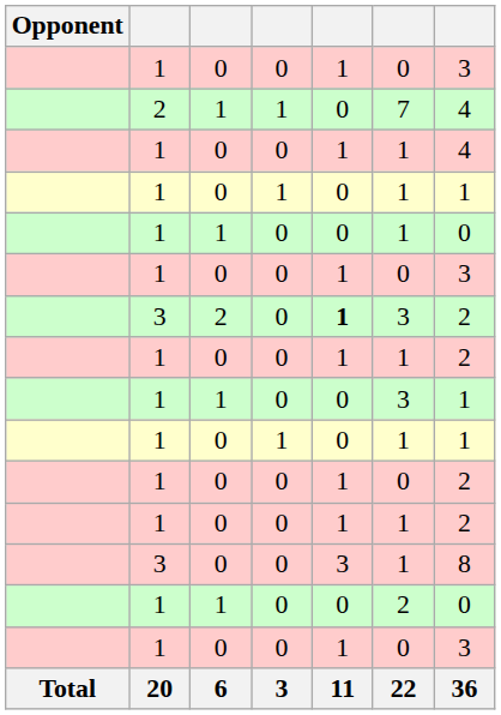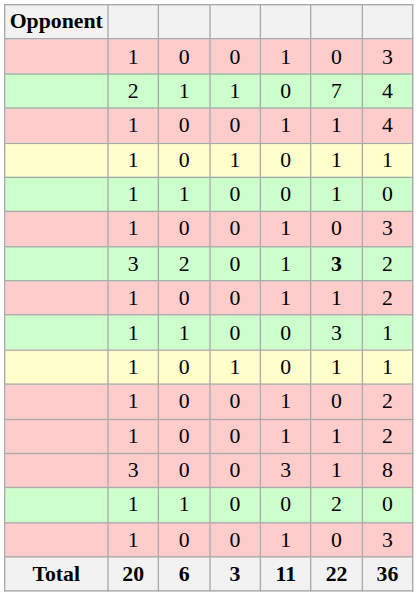 <table class="wikitable sortable" style="text-align: center;">
 <tr>
 <th width="30">Opponent</th>
 <th width="30"></th>
 <th width="30"></th>
 <th width="30"></th>
 <th width="30"></th>
 <th width="30"></th>
 <th width="30"></th>
 </tr>
 <tr bgcolor=#FFCCCC>
 <td align="left"></td>
 <td>1</td>
 <td>0</td>
 <td>0</td>
 <td>1</td>
 <td>0</td>
 <td>3</td>
 </tr>
 <tr bgcolor=#CCFFCC>
 <td align="left"></td>
 <td>2</td>
 <td>1</td>
 <td>1</td>
 <td>0</td>
 <td>7</td>
 <td>4</td>
 </tr>
 <tr bgcolor=#FFCCCC>
 <td align="left"></td>
 <td>1</td>
 <td>0</td>
 <td>0</td>
 <td>1</td>
 <td>1</td>
 <td>4</td>
 </tr>
 <tr bgcolor=#FFFFCC>
 <td align="left"></td>
 <td>1</td>
 <td>0</td>
 <td>1</td>
 <td>0</td>
 <td>1</td>
 <td>1</td>
 </tr>
 <tr bgcolor=#CCFFCC>
 <td align="left"></td>
 <td>1</td>
 <td>1</td>
 <td>0</td>
 <td>0</td>
 <td>1</td>
 <td>0</td>
 </tr>
 <tr bgcolor=#FFCCCC>
 <td align="left"></td>
 <td>1</td>
 <td>0</td>
 <td>0</td>
 <td>1</td>
 <td>0</td>
 <td>3</td>
 </tr>
 <tr bgcolor=#CCFFCC>
 <td align="left"></td>
 <td>3</td>
 <td>2</td>
 <td>0</td>
-<td><strong>1</strong></td>
-<td>3</td>
+<td>1</td>
+<td><strong>3</strong></td>
 <td>2</td>
 </tr>
 <tr bgcolor=#FFCCCC>
 <td align="left"></td>
 <td>1</td>
 <td>0</td>
 <td>0</td>
 <td>1</td>
 <td>1</td>
 <td>2</td>
 </tr>
 <tr bgcolor=#CCFFCC>
 <td align="left"></td>
 <td>1</td>
 <td>1</td>
 <td>0</td>
 <td>0</td>
 <td>3</td>
 <td>1</td>
 </tr>
 <tr bgcolor=#FFFFCC>
 <td align="left"></td>
 <td>1</td>
 <td>0</td>
 <td>1</td>
 <td>0</td>
 <td>1</td>
 <td>1</td>
 </tr>
 <tr bgcolor=#FFCCCC>
 <td align="left"></td>
 <td>1</td>
 <td>0</td>
 <td>0</td>
 <td>1</td>
 <td>0</td>
 <td>2</td>
 </tr>
 <tr bgcolor=#FFCCCC>
 <td align="left"></td>
 <td>1</td>
 <td>0</td>
 <td>0</td>
 <td>1</td>
 <td>1</td>
 <td>2</td>
 </tr>
 <tr bgcolor=#FFCCCC>
 <td align="left"></td>
 <td>3</td>
 <td>0</td>
 <td>0</td>
 <td>3</td>
 <td>1</td>
 <td>8</td>
 </tr>
 <tr bgcolor=#CCFFCC>
 <td align="left"></td>
 <td>1</td>
 <td>1</td>
 <td>0</td>
 <td>0</td>
 <td>2</td>
 <td>0</td>
 </tr>
 <tr bgcolor=#FFCCCC>
 <td align="left"></td>
 <td>1</td>
 <td>0</td>
 <td>0</td>
 <td>1</td>
 <td>0</td>
 <td>3</td>
 </tr>
 <tr>
 <th>Total</th>
 <th>20</th>
 <th>6</th>
 <th>3</th>
 <th>11</th>
 <th>22</th>
 <th>36</th>
 </tr>
 </table>
